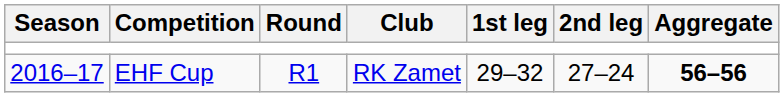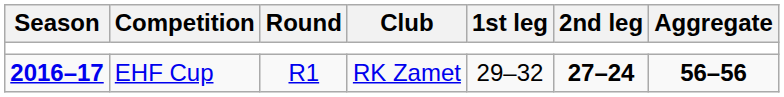 <table class="wikitable">
 <tr>
 <th>Season</th>
 <th>Competition</th>
 <th>Round</th>
 <th>Club</th>
 <th>1st leg</th>
 <th>2nd leg</th>
 <th>Aggregate</th>
 </tr>
 <tr>
 <td colspan="7" bgcolor=white></td>
 </tr>
 <tr>
-<td><a href='#'>2016–17</a></td>
+<td><strong><a href='#'>2016–17</a></strong></td>
 <td><a href='#'>EHF Cup</a></td>
 <td style="text-align:center;"><a href='#'>R1</a></td>
 <td> <a href='#'>RK Zamet</a></td>
 <td style="text-align:center;">29–32</td>
-<td style="text-align:center;">27–24</td>
+<td style="text-align:center;"><strong>27–24</strong></td>
 <td style="text-align:center;"><strong>56–56</strong></td>
 </tr>
 </table>
